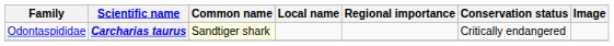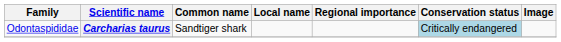 <table class="wikitable sortable">
 <tr>
 <th>Family</th>
 <th><a href='#'>Scientific name</a></th>
 <th><strong>Common name</strong></th>
 <th><strong>Local name</strong></th>
 <th>Regional importance</th>
 <th>Conservation status</th>
 <th>Image</th>
 </tr>
 <tr>
 <td><a href='#'>Odontaspididae</a></td>
 <th><em><a href='#'>Carcharias taurus</a></em></th>
-<td style="background: lightyellow;">Sandtiger shark</td>
+<td>Sandtiger shark</td>
 <td></td>
 <td></td>
-<td>Critically endangered</td>
+<td style="background: lightblue;">Critically endangered</td>
 <td></td>
 </tr>
 <tr>
 </tr>
 </table>
